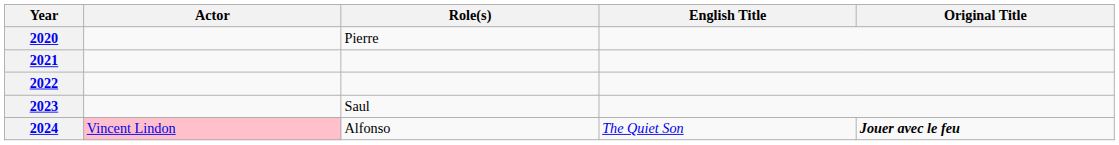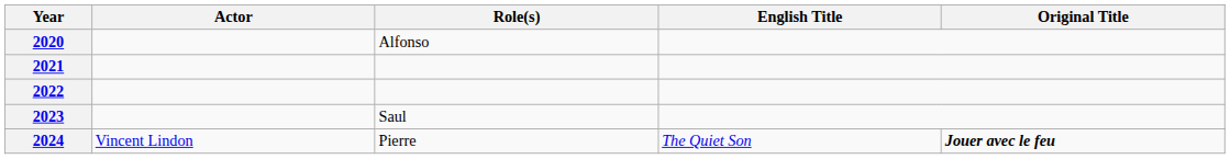 <table class="wikitable unsortable">
 <tr>
 <th scope="col" style="width:3%;">Year</th>
 <th scope="col" style="width:10%;">Actor</th>
 <th scope="col" style="width:10%;">Role(s)</th>
 <th scope="col" style="width:10%;">English Title</th>
 <th scope="col" style="width:10%;">Original Title</th>
 </tr>
 <tr>
 <th style="text-align:center;"><a href='#'>2020</a></th>
 <td> </td>
-<td>Pierre</td>
+<td>Alfonso</td>
 <td colspan="2"></td>
 </tr>
 <tr>
 <th style="text-align:center;"><a href='#'>2021</a></th>
 <td> </td>
 <td></td>
 <td colspan="2"></td>
 </tr>
 <tr>
 <th style="text-align:center;"><a href='#'>2022</a></th>
 <td> </td>
 <td></td>
 <td colspan="2"></td>
 </tr>
 <tr>
 <th style="text-align:center;"><a href='#'>2023</a></th>
 <td> </td>
 <td>Saul</td>
 <td colspan="2"></td>
 </tr>
 <tr>
 <th style="text=aligne:center;"><a href='#'>2024</a></th>
-<td style="background: pink;"> <a href='#'>Vincent Lindon</a></td>
-<td>Alfonso</td>
+<td> <a href='#'>Vincent Lindon</a></td>
+<td>Pierre</td>
 <td><em><a href='#'>The Quiet Son</a></em></td>
 <td><strong><em>Jouer avec le feu</em></strong></td>
 </tr>
 </table>
